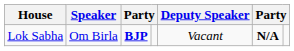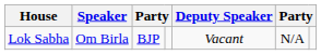 <table class="wikitable" style="text-align:center;">
 <tr>
 <th>House</th>
 <th><a href='#'>Speaker</a></th>
 <th colspan="2" scope="col">Party</th>
 <th><a href='#'>Deputy Speaker</a></th>
 <th colspan="2" scope="col">Party</th>
 </tr>
 <tr>
 <td><a href='#'>Lok Sabha</a></td>
 <td><a href='#'>Om Birla</a></td>
-<td><strong><a href='#'>BJP</a></strong></td>
+<td><a href='#'>BJP</a></td>
 <td style="background-color: "></td>
 <td><em>Vacant</em></td>
-<td><strong>N/A</strong></td>
+<td>N/A</td>
 <td style="background-color: "></td>
 </tr>
 </table>
